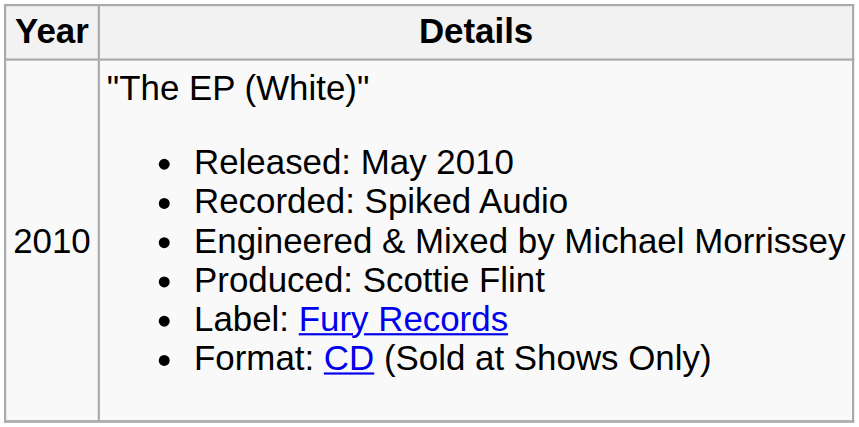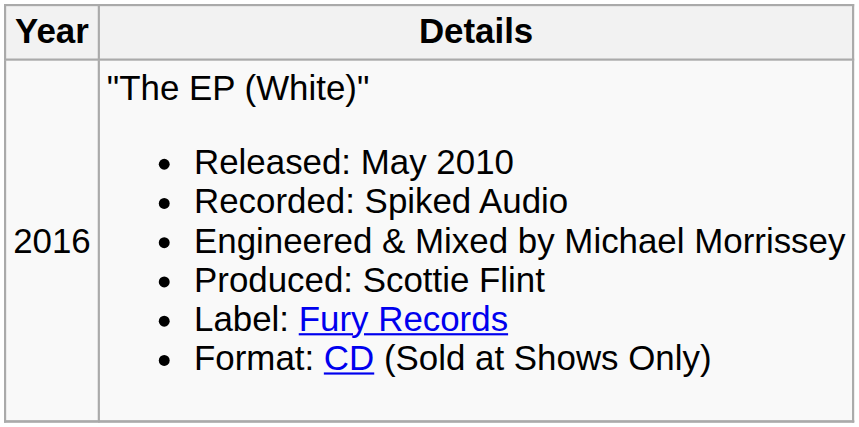 <table class="wikitable" border="1">
 <tr>
 <th>Year</th>
 <th>Details</th>
 </tr>
 <tr>
-<td>2010</td>
+<td>2016</td>
 <td>"The EP (White)"<br><ul><li>Released: May 2010</li><li>Recorded:  Spiked Audio</li><li>Engineered & Mixed by Michael Morrissey</li><li>Produced:  Scottie Flint</li><li>Label: <a href='#'>Fury Records</a></li><li>Format: <a href='#'>CD</a> (Sold at Shows Only)</li></ul></td>
 </tr>
 <tr>
 </tr>
 </table>
